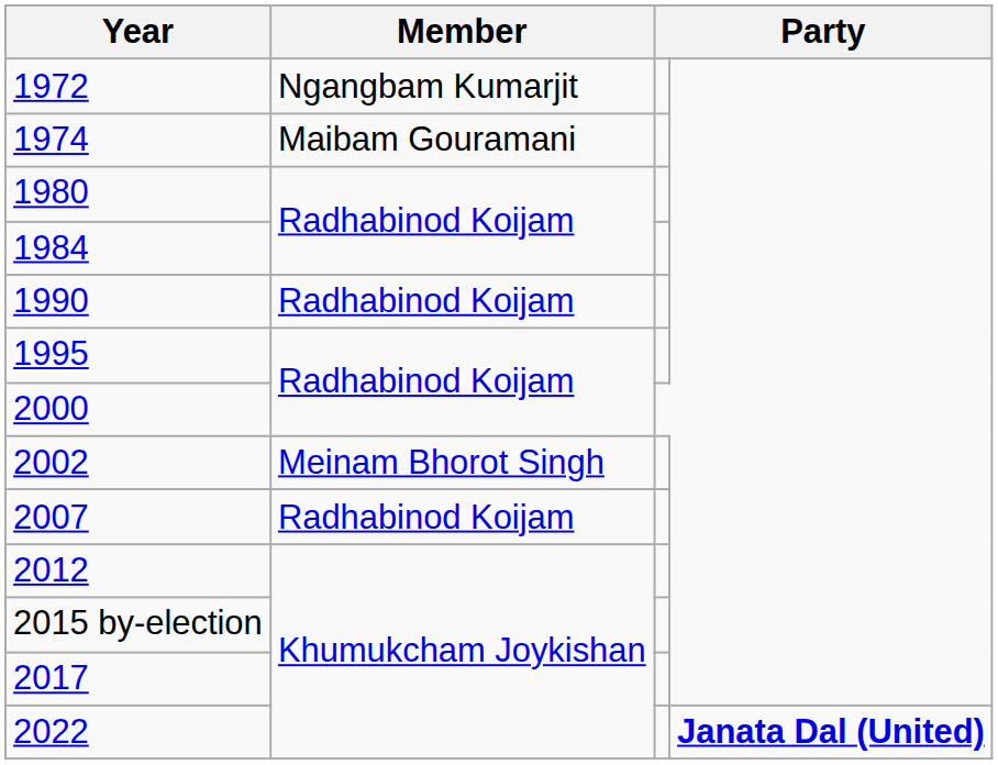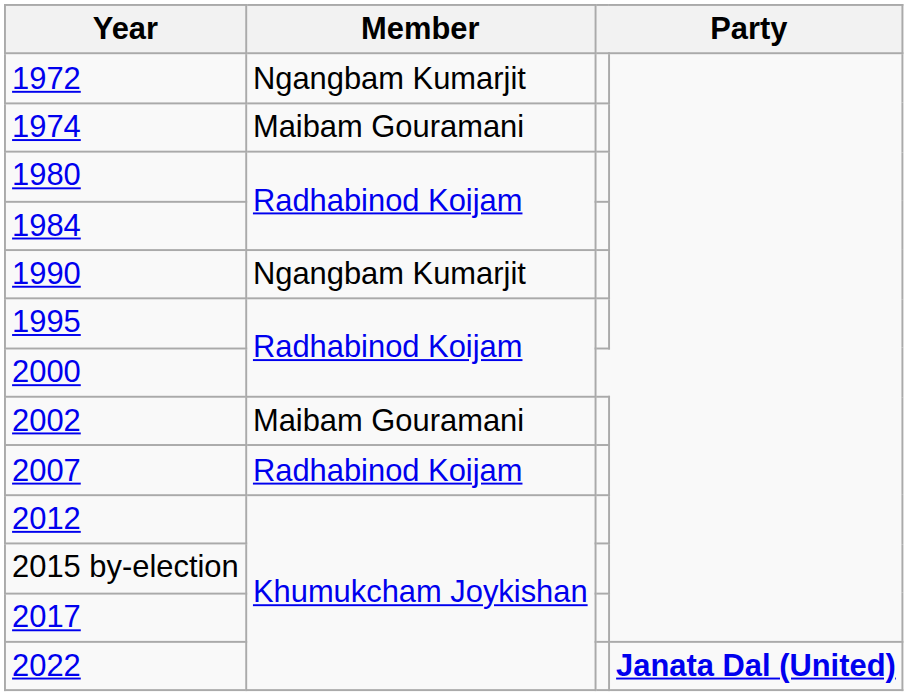 <table class="wikitable sortable">
 <tr>
 <th>Year</th>
 <th>Member</th>
 <th colspan="2">Party</th>
 </tr>
 <tr>
 <td><a href='#'>1972</a></td>
 <td>Ngangbam Kumarjit</td>
 <td></td>
 </tr>
 <tr>
 <td><a href='#'>1974</a></td>
 <td>Maibam Gouramani</td>
 <td></td>
 </tr>
 <tr>
 <td><a href='#'>1980</a></td>
 <td rowspan="2"><a href='#'>Radhabinod Koijam</a></td>
 <td></td>
 </tr>
 <tr>
 <td><a href='#'>1984</a></td>
 <td></td>
 </tr>
 <tr>
 <td><a href='#'>1990</a></td>
-<td><a href='#'>Radhabinod Koijam</a></td>
+<td>Ngangbam Kumarjit</td>
 <td></td>
 </tr>
 <tr>
 <td><a href='#'>1995</a></td>
 <td rowspan="2"><a href='#'>Radhabinod Koijam</a></td>
 <td></td>
 </tr>
 <tr>
 <td><a href='#'>2000</a></td>
 </tr>
 <tr>
 <td><a href='#'>2002</a></td>
-<td><a href='#'>Meinam Bhorot Singh</a></td>
+<td>Maibam Gouramani</td>
 <td></td>
 </tr>
 <tr>
 <td><a href='#'>2007</a></td>
 <td><a href='#'>Radhabinod Koijam</a></td>
 <td></td>
 </tr>
 <tr>
 <td><a href='#'>2012</a></td>
 <td rowspan="4"><a href='#'>Khumukcham Joykishan</a></td>
 <td></td>
 </tr>
 <tr>
 <td 2015 Manipur By Election Legislative Assembly election>2015 by-election</td>
 <td></td>
 </tr>
 <tr>
 <td><a href='#'>2017</a></td>
 <td></td>
 </tr>
 <tr>
 <td><a href='#'>2022</a></td>
 <td style="background-color: "></td>
 <td><strong><a href='#'>Janata Dal (United)</a></strong></td>
 </tr>
 </table>
